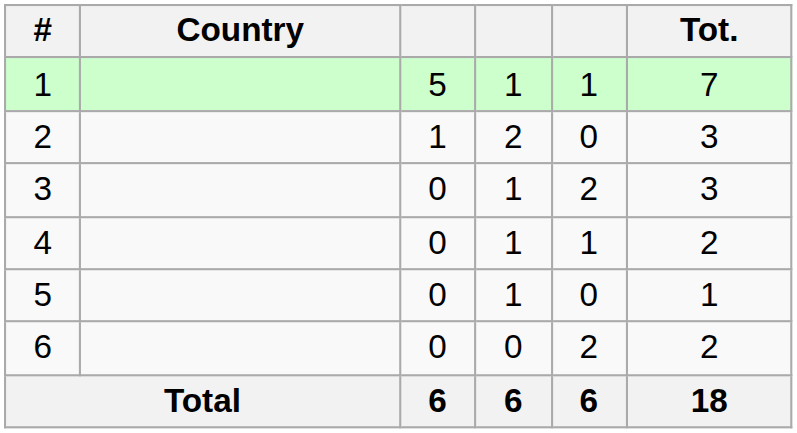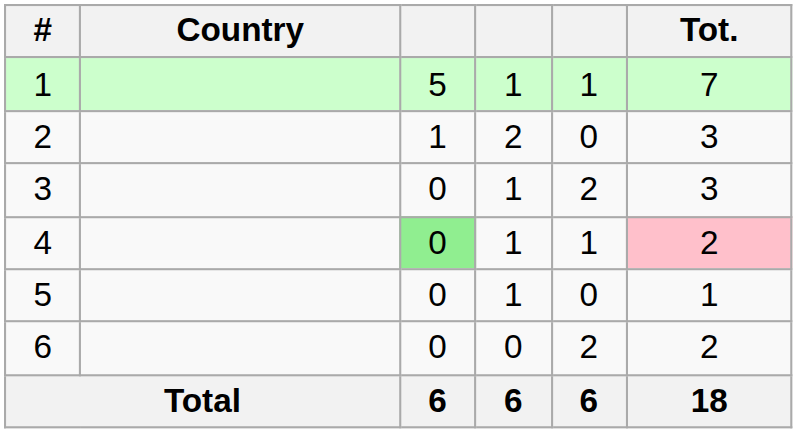 <table class="wikitable" width=30% style="font-size:100%; text-align:center;">
 <tr>
 <th>#</th>
 <th>Country</th>
 <th></th>
 <th></th>
 <th></th>
 <th>Tot.</th>
 </tr>
 <tr bgcolor=#ccffcc>
 <td>1</td>
 <td align=left></td>
 <td>5</td>
 <td>1</td>
 <td>1</td>
 <td>7</td>
 </tr>
 <tr>
 <td>2</td>
 <td align=left></td>
 <td>1</td>
 <td>2</td>
 <td>0</td>
 <td>3</td>
 </tr>
 <tr>
 <td>3</td>
 <td align=left></td>
 <td>0</td>
 <td>1</td>
 <td>2</td>
 <td>3</td>
 </tr>
 <tr>
 <td>4</td>
 <td align=left></td>
-<td>0</td>
+<td style="background: lightgreen;">0</td>
 <td>1</td>
 <td>1</td>
-<td>2</td>
+<td style="background: pink;">2</td>
 </tr>
 <tr>
 <td>5</td>
 <td align=left></td>
 <td>0</td>
 <td>1</td>
 <td>0</td>
 <td>1</td>
 </tr>
 <tr>
 <td>6</td>
 <td align=left></td>
 <td>0</td>
 <td>0</td>
 <td>2</td>
 <td>2</td>
 </tr>
 <tr class="sortbottom">
 <th colspan=2>Total</th>
 <th>6</th>
 <th>6</th>
 <th>6</th>
 <th>18</th>
 </tr>
 </table>
